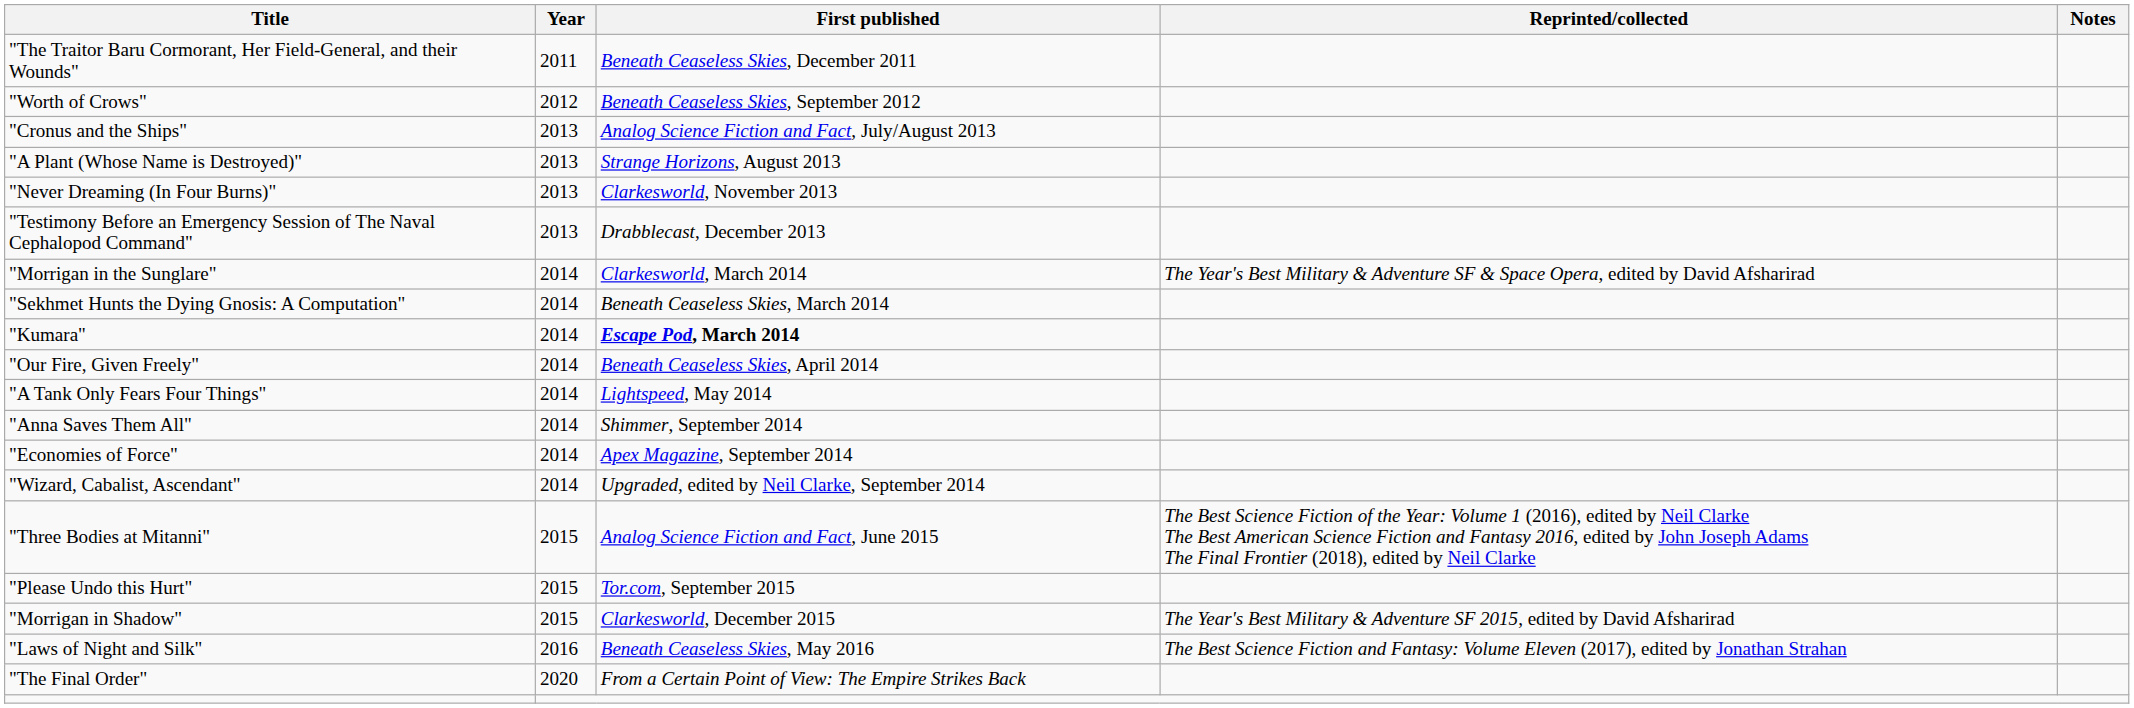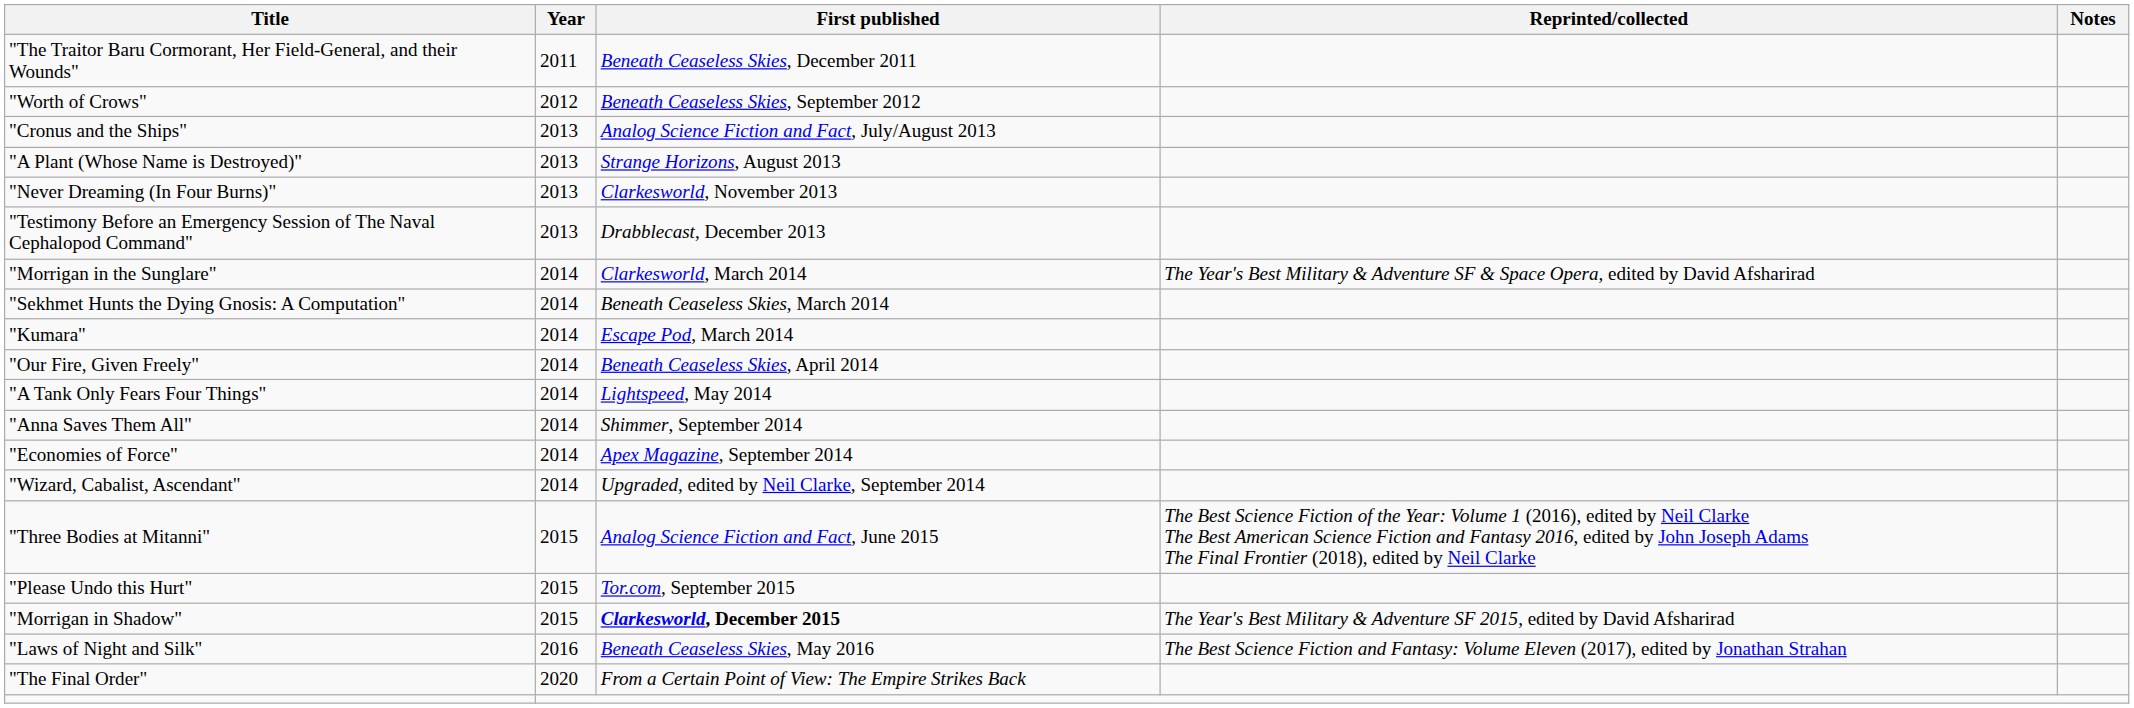 <table class='wikitable sortable' width='90%'>
 <tr>
 <th width=25%>Title</th>
 <th>Year</th>
 <th>First published</th>
 <th>Reprinted/collected</th>
 <th>Notes</th>
 </tr>
 <tr>
 <td>"The Traitor Baru Cormorant, Her Field-General, and their Wounds"</td>
 <td>2011</td>
 <td><em><a href='#'>Beneath Ceaseless Skies</a></em>, December 2011</td>
 <td></td>
 <td></td>
 </tr>
 <tr>
 <td>"Worth of Crows"</td>
 <td>2012</td>
 <td><em><a href='#'>Beneath Ceaseless Skies</a></em>, September 2012</td>
 <td></td>
 <td></td>
 </tr>
 <tr>
 <td>"Cronus and the Ships"</td>
 <td>2013</td>
 <td><em><a href='#'>Analog Science Fiction and Fact</a></em>, July/August 2013</td>
 <td></td>
 <td></td>
 </tr>
 <tr>
 <td>"A Plant (Whose Name is Destroyed)"</td>
 <td>2013</td>
 <td><em><a href='#'>Strange Horizons</a></em>, August 2013</td>
 <td></td>
 </tr>
 <tr>
 <td>"Never Dreaming (In Four Burns)"</td>
 <td>2013</td>
 <td><em><a href='#'>Clarkesworld</a></em>, November 2013</td>
 <td></td>
 <td></td>
 </tr>
 <tr>
 <td>"Testimony Before an Emergency Session of The Naval Cephalopod Command"</td>
 <td>2013</td>
 <td><em>Drabblecast</em>, December 2013</td>
 <td></td>
 <td></td>
 </tr>
 <tr>
 <td>"Morrigan in the Sunglare"</td>
 <td>2014</td>
 <td><em><a href='#'>Clarkesworld</a></em>, March 2014</td>
 <td><em>The Year's Best Military & Adventure SF & Space Opera</em>, edited by David Afsharirad</td>
 <td></td>
 </tr>
 <tr>
 <td>"Sekhmet Hunts the Dying Gnosis: A Computation"</td>
 <td>2014</td>
 <td><em>Beneath Ceaseless Skies</em>, March 2014</td>
 <td></td>
 <td></td>
 </tr>
 <tr>
 <td>"Kumara"</td>
 <td>2014</td>
-<td><strong><em><a href='#'>Escape Pod</a></em>, March 2014</strong></td>
+<td><em><a href='#'>Escape Pod</a></em>, March 2014</td>
 <td></td>
 <td></td>
 </tr>
 <tr>
 <td>"Our Fire, Given Freely"</td>
 <td>2014</td>
 <td><em><a href='#'>Beneath Ceaseless Skies</a></em>, April 2014</td>
 <td></td>
 <td></td>
 </tr>
 <tr>
 <td>"A Tank Only Fears Four Things"</td>
 <td>2014</td>
 <td><em><a href='#'>Lightspeed</a></em>, May 2014</td>
 <td></td>
 <td></td>
 </tr>
 <tr>
 <td>"Anna Saves Them All"</td>
 <td>2014</td>
 <td><em>Shimmer</em>, September 2014</td>
 <td></td>
 <td></td>
 </tr>
 <tr>
 <td>"Economies of Force"</td>
 <td>2014</td>
 <td><em><a href='#'>Apex Magazine</a></em>, September 2014</td>
 <td></td>
 <td></td>
 </tr>
 <tr>
 <td>"Wizard, Cabalist, Ascendant"</td>
 <td>2014</td>
 <td><em>Upgraded</em>, edited by <a href='#'>Neil Clarke</a>, September 2014</td>
 <td></td>
 <td></td>
 </tr>
 <tr>
 <td>"Three Bodies at Mitanni"</td>
 <td>2015</td>
 <td><em><a href='#'>Analog Science Fiction and Fact</a></em>, June 2015</td>
 <td><em>The Best Science Fiction of the Year: Volume 1</em> (2016), edited by <a href='#'>Neil Clarke</a><br><em>The Best American Science Fiction and Fantasy 2016</em>, edited by <a href='#'>John Joseph Adams</a><br><em>The Final Frontier</em> (2018), edited by <a href='#'>Neil Clarke</a></td>
 <td></td>
 </tr>
 <tr>
 <td>"Please Undo this Hurt"</td>
 <td>2015</td>
 <td><em><a href='#'>Tor.com</a></em>, September 2015</td>
 <td></td>
 <td></td>
 </tr>
 <tr>
 <td>"Morrigan in Shadow"</td>
 <td>2015</td>
-<td><em><a href='#'>Clarkesworld</a></em>, December 2015</td>
+<td><strong><em><a href='#'>Clarkesworld</a></em>, December 2015</strong></td>
 <td><em>The Year's Best Military & Adventure SF 2015</em>, edited by David Afsharirad</td>
 <td></td>
 </tr>
 <tr>
 <td>"Laws of Night and Silk"</td>
 <td>2016</td>
 <td><em><a href='#'>Beneath Ceaseless Skies</a></em>, May 2016</td>
 <td><em>The Best Science Fiction and Fantasy: Volume Eleven</em> (2017), edited by <a href='#'>Jonathan Strahan</a></td>
 <td></td>
 </tr>
 <tr>
 <td>"The Final Order"</td>
 <td>2020</td>
 <td><em>From a Certain Point of View: The Empire Strikes Back</em></td>
 <td></td>
 <td></td>
 </tr>
 <tr>
 <td></td>
 </tr>
 </table>
